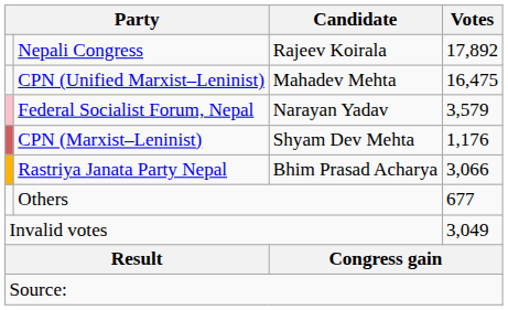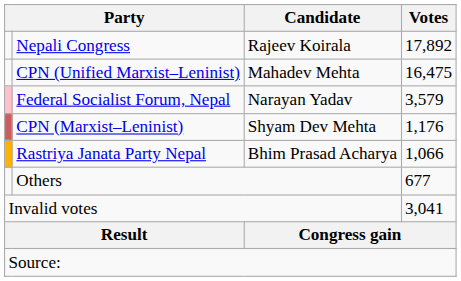 <table class="wikitable">
 <tr>
 <th colspan="2">Party</th>
 <th>Candidate</th>
 <th>Votes</th>
 </tr>
 <tr>
 <td style="background-color:"></td>
 <td><a href='#'>Nepali Congress</a></td>
 <td>Rajeev Koirala</td>
 <td>17,892</td>
 </tr>
 <tr>
 <td style="background-color:"></td>
 <td><a href='#'>CPN (Unified Marxist–Leninist)</a></td>
 <td>Mahadev Mehta</td>
 <td>16,475</td>
 </tr>
 <tr>
 <td style="background-color:pink"></td>
 <td><a href='#'>Federal Socialist Forum, Nepal</a></td>
 <td>Narayan Yadav</td>
 <td>3,579</td>
 </tr>
 <tr>
 <td style="background-color:indianred"></td>
 <td><a href='#'>CPN (Marxist–Leninist)</a></td>
 <td>Shyam Dev Mehta</td>
 <td>1,176</td>
 </tr>
 <tr>
 <td style="background-color:#ffb300"></td>
 <td><a href='#'>Rastriya Janata Party Nepal</a></td>
 <td>Bhim Prasad Acharya</td>
-<td>3,066</td>
+<td>1,066</td>
 </tr>
 <tr>
 <td></td>
 <td colspan="2">Others</td>
 <td>677</td>
 </tr>
 <tr>
 <td colspan="3">Invalid votes</td>
-<td>3,049</td>
+<td>3,041</td>
 </tr>
 <tr>
 <th colspan="2">Result</th>
 <th colspan="2">Congress gain</th>
 </tr>
 <tr>
 <td colspan="4">Source: </td>
 </tr>
 </table>
